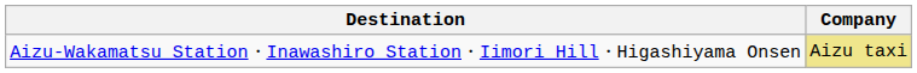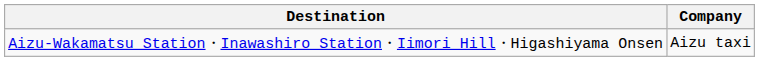 <table class="wikitable">
 <tr>
 <th>Destination</th>
 <th>Company</th>
 </tr>
 <tr>
 <td><a href='#'>Aizu-Wakamatsu Station</a>・<a href='#'>Inawashiro Station</a>・<a href='#'>Iimori Hill</a>・Higashiyama Onsen</td>
-<td style="background: khaki;">Aizu taxi</td>
+<td>Aizu taxi</td>
 </tr>
 </table>
